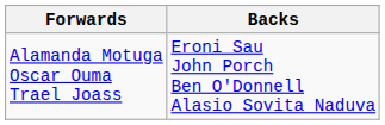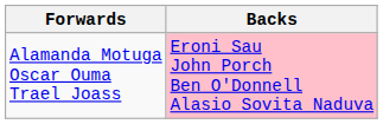 <table class=wikitable style="text-align: left;">
 <tr>
 <th align=center>Forwards</th>
 <th align=center>Backs</th>
 </tr>
 <tr>
 <td> <a href='#'>Alamanda Motuga</a> <br>  <a href='#'>Oscar Ouma</a> <br>  <a href='#'>Trael Joass</a></td>
-<td> <a href='#'>Eroni Sau</a> <br>  <a href='#'>John Porch</a> <br>  <a href='#'>Ben O'Donnell</a> <br>  <a href='#'>Alasio Sovita Naduva</a></td>
+<td style="background: pink;"> <a href='#'>Eroni Sau</a> <br>  <a href='#'>John Porch</a> <br>  <a href='#'>Ben O'Donnell</a> <br>  <a href='#'>Alasio Sovita Naduva</a></td>
 </tr>
 </table>
